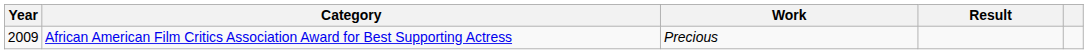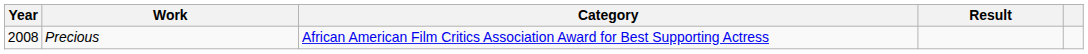 <table class="wikitable">
 <tr>
 <th scope="col" style="width:1em;">Year</th>
+<th scope="col" style="width:18em;">Work</th>
 <th scope="col" style="width:44em;">Category</th>
-<th scope="col" style="width:18em;">Work</th>
 <th scope="col" style="width:10em;">Result</th>
 <th class="unsortable" style="width:1em;"></th>
 </tr>
 <tr>
-<td>2009</td>
+<td>2008</td>
+<td><em>Precious</em></td>
 <td><a href='#'>African American Film Critics Association Award for Best Supporting Actress</a></td>
-<td><em>Precious</em></td>
 <td></td>
 <td></td>
 </tr>
 </table>
